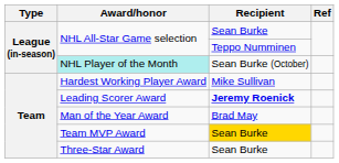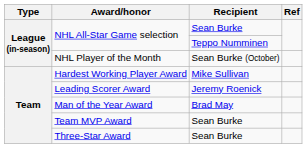 <table class="wikitable">
 <tr>
 <th scope="col">Type</th>
 <th scope="col">Award/honor</th>
 <th scope="col">Recipient</th>
 <th scope="col">Ref</th>
 </tr>
 <tr>
 <th scope="row" rowspan="3">League<br><small>(in-season)</small></th>
 <td rowspan="2"><a href='#'>NHL All-Star Game</a> selection</td>
 <td><a href='#'>Sean Burke</a></td>
 <td rowspan="2"></td>
 </tr>
 <tr>
 <td><a href='#'>Teppo Numminen</a></td>
 </tr>
 <tr>
-<td style="background: paleturquoise;">NHL Player of the Month</td>
+<td>NHL Player of the Month</td>
 <td>Sean Burke <small>(October)</small></td>
 <td></td>
 </tr>
 <tr>
 <th scope="row" rowspan="5">Team</th>
 <td><a href='#'>Hardest Working Player Award</a></td>
 <td><a href='#'>Mike Sullivan</a></td>
 <td></td>
 </tr>
 <tr>
 <td><a href='#'>Leading Scorer Award</a></td>
-<td><strong><a href='#'>Jeremy Roenick</a></strong></td>
+<td><a href='#'>Jeremy Roenick</a></td>
 <td></td>
 </tr>
 <tr>
 <td><a href='#'>Man of the Year Award</a></td>
 <td><a href='#'>Brad May</a></td>
 <td></td>
 </tr>
 <tr>
 <td><a href='#'>Team MVP Award</a></td>
-<td style="background: gold;">Sean Burke</td>
+<td>Sean Burke</td>
 <td></td>
 </tr>
 <tr>
 <td><a href='#'>Three-Star Award</a></td>
 <td>Sean Burke</td>
 <td></td>
 </tr>
 </table>
